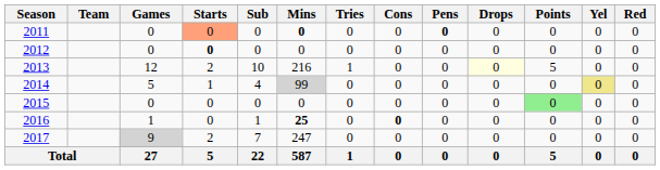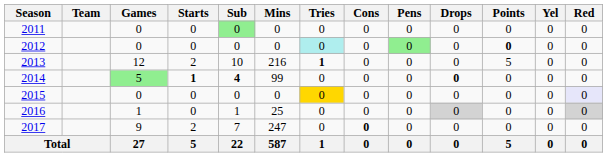 <table class="wikitable" style="text-align:center; line-height:90%; font-size:95%; width:60%;">
 <tr>
 <th>Season</th>
 <th>Team</th>
 <th>Games</th>
 <th>Starts</th>
 <th>Sub</th>
 <th>Mins</th>
 <th>Tries</th>
 <th>Cons</th>
 <th>Pens</th>
 <th>Drops</th>
 <th>Points</th>
 <th>Yel</th>
 <th>Red</th>
 </tr>
 <tr>
 <td><a href='#'>2011</a></td>
 <td></td>
 <td>0</td>
-<td style="background: lightsalmon;">0</td>
 <td>0</td>
-<td><strong>0</strong></td>
-<td>0</td>
-<td>0</td>
-<td><strong>0</strong></td>
-<td>0</td>
-<td>0</td>
-<td>0</td>
-<td>0</td>
-</tr>
-<tr>
-<td><a href='#'>2012</a></td>
-<td></td>
-<td>0</td>
-<td><strong>0</strong></td>
-<td>0</td>
+<td style="background: lightgreen;">0</td>
 <td>0</td>
 <td>0</td>
 <td>0</td>
 <td>0</td>
 <td>0</td>
 <td>0</td>
 <td>0</td>
 <td>0</td>
 </tr>
 <tr>
+<td><a href='#'>2012</a></td>
+<td></td>
+<td>0</td>
+<td>0</td>
+<td>0</td>
+<td>0</td>
+<td style="background: paleturquoise;">0</td>
+<td>0</td>
+<td style="background: lightgreen;">0</td>
+<td>0</td>
+<td><strong>0</strong></td>
+<td>0</td>
+<td>0</td>
+</tr>
+<tr>
 <td><a href='#'>2013</a></td>
 <td></td>
 <td>12</td>
 <td>2</td>
 <td>10</td>
 <td>216</td>
-<td>1</td>
+<td><strong>1</strong></td>
 <td>0</td>
 <td>0</td>
-<td style="background: lightyellow;">0</td>
+<td>0</td>
 <td>5</td>
 <td>0</td>
 <td>0</td>
 </tr>
 <tr>
 <td><a href='#'>2014</a></td>
 <td></td>
-<td>5</td>
-<td>1</td>
-<td>4</td>
-<td style="background: lightgrey;">99</td>
+<td style="background: lightgreen;">5</td>
+<td><strong>1</strong></td>
+<td><strong>4</strong></td>
+<td>99</td>
 <td>0</td>
 <td>0</td>
 <td>0</td>
+<td><strong>0</strong></td>
 <td>0</td>
 <td>0</td>
-<td style="background: khaki;">0</td>
 <td>0</td>
 </tr>
 <tr>
 <td><a href='#'>2015</a></td>
 <td></td>
 <td>0</td>
 <td>0</td>
 <td>0</td>
 <td>0</td>
+<td style="background: gold;">0</td>
 <td>0</td>
 <td>0</td>
 <td>0</td>
 <td>0</td>
-<td style="background: lightgreen;">0</td>
 <td>0</td>
-<td>0</td>
+<td style="background: lavender;">0</td>
 </tr>
 <tr>
 <td><a href='#'>2016</a></td>
 <td></td>
 <td>1</td>
 <td>0</td>
 <td>1</td>
-<td><strong>25</strong></td>
-<td>0</td>
-<td><strong>0</strong></td>
+<td>25</td>
 <td>0</td>
 <td>0</td>
 <td>0</td>
+<td style="background: lightgrey;">0</td>
 <td>0</td>
 <td>0</td>
+<td style="background: lightgrey;">0</td>
 </tr>
 <tr>
 <td><a href='#'>2017</a></td>
 <td></td>
-<td style="background: lightgrey;">9</td>
+<td>9</td>
 <td>2</td>
 <td>7</td>
 <td>247</td>
 <td>0</td>
-<td>0</td>
+<td><strong>0</strong></td>
 <td>0</td>
 <td>0</td>
 <td>0</td>
 <td>0</td>
 <td>0</td>
 </tr>
 <tr>
 <th colspan="2">Total</th>
 <th>27</th>
 <th>5</th>
 <th>22</th>
 <th>587</th>
 <th>1</th>
 <th>0</th>
 <th>0</th>
 <th>0</th>
 <th>5</th>
 <th>0</th>
 <th>0</th>
 </tr>
 </table>
